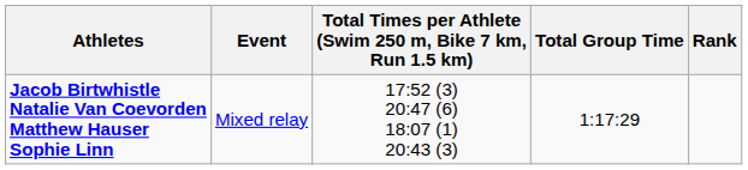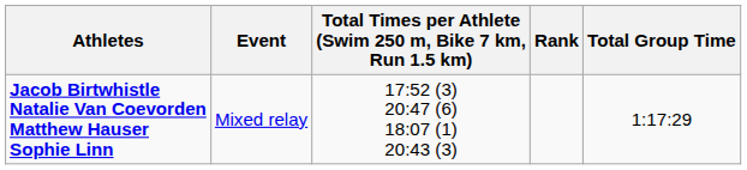 <table class="wikitable" border="1" style="font-size:90%">
 <tr>
 <th>Athletes</th>
 <th>Event</th>
 <th>Total Times per Athlete <br> (Swim 250 m, Bike 7 km, <br> Run 1.5 km)</th>
+<th>Rank</th>
 <th>Total Group Time</th>
-<th>Rank</th>
 </tr>
 <tr align=center>
 <td align=left><strong><a href='#'>Jacob Birtwhistle</a> <br> <a href='#'>Natalie Van Coevorden</a> <br> <a href='#'>Matthew Hauser</a><br><a href='#'>Sophie Linn</a></strong></td>
 <td align=left><a href='#'>Mixed relay</a></td>
 <td>17:52 (3) <br> 20:47 (6) <br> 18:07 (1) <br> 20:43 (3)</td>
+<td></td>
 <td>1:17:29</td>
-<td></td>
 </tr>
 </table>
